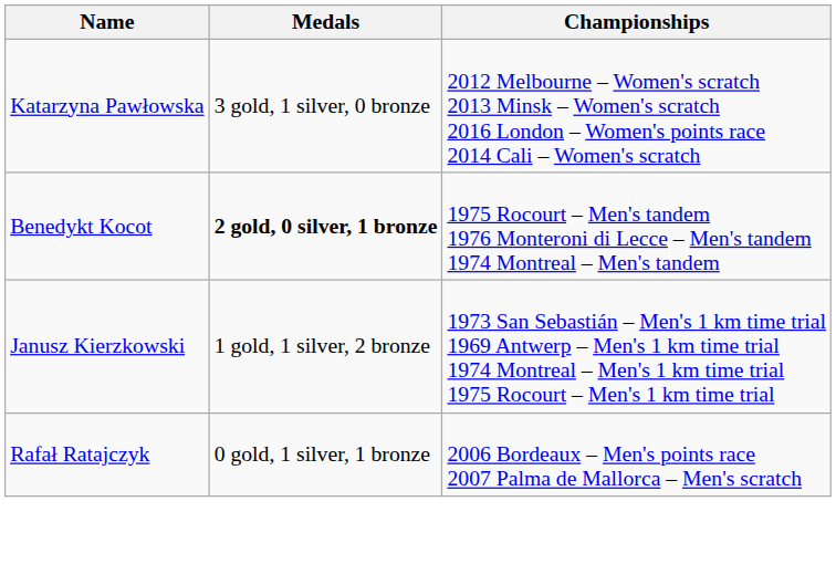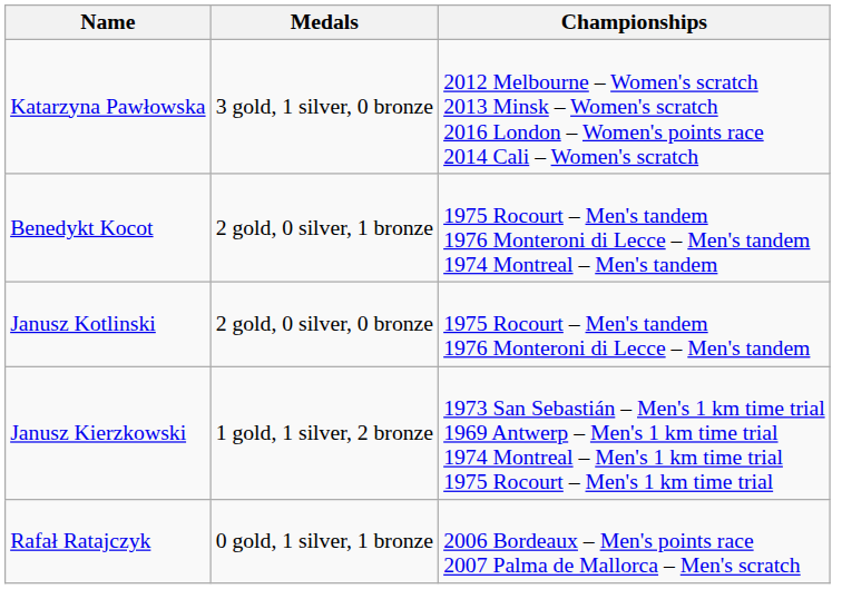 <table class="wikitable">
 <tr>
 <th>Name</th>
 <th>Medals</th>
 <th>Championships</th>
 </tr>
 <tr>
 <td><a href='#'>Katarzyna Pawłowska</a></td>
 <td>3 gold, 1 silver, 0 bronze</td>
 <td><br> <a href='#'>2012 Melbourne</a> – <a href='#'>Women's scratch</a><br>   <a href='#'>2013 Minsk</a> – <a href='#'>Women's scratch</a><br>   <a href='#'>2016 London</a> – <a href='#'>Women's points race</a><br>  <a href='#'>2014 Cali</a> – <a href='#'>Women's scratch</a>  <br></td>
 </tr>
 <tr>
 <td><a href='#'>Benedykt Kocot</a></td>
-<td><strong>2 gold, 0 silver, 1 bronze</strong></td>
+<td>2 gold, 0 silver, 1 bronze</td>
 <td><br> <a href='#'>1975 Rocourt</a> – <a href='#'>Men's tandem</a><br>  <a href='#'>1976 Monteroni di Lecce</a> – <a href='#'>Men's tandem</a><br>  <a href='#'>1974 Montreal</a> – <a href='#'>Men's tandem</a><br></td>
+</tr>
+<tr>
+<td><a href='#'>Janusz Kotlinski</a></td>
+<td>2 gold, 0 silver, 0 bronze</td>
+<td><br> <a href='#'>1975 Rocourt</a> – <a href='#'>Men's tandem</a><br>  <a href='#'>1976 Monteroni di Lecce</a> – <a href='#'>Men's tandem</a><br></td>
 </tr>
 <tr>
 <td><a href='#'>Janusz Kierzkowski</a></td>
 <td>1 gold, 1 silver, 2 bronze</td>
 <td><br> <a href='#'>1973 San Sebastián</a> – <a href='#'>Men's 1 km time trial</a><br>   <a href='#'>1969 Antwerp</a> – <a href='#'>Men's 1 km time trial</a><br>  <a href='#'>1974 Montreal</a> – <a href='#'>Men's 1 km time trial</a><br>  <a href='#'>1975 Rocourt</a> – <a href='#'>Men's 1 km time trial</a><br></td>
 </tr>
 <tr>
 <td><a href='#'>Rafał Ratajczyk</a></td>
 <td>0 gold, 1 silver, 1 bronze</td>
 <td><br> <a href='#'>2006 Bordeaux</a> – <a href='#'>Men's points race</a><br>  <a href='#'>2007 Palma de Mallorca</a> – <a href='#'>Men's scratch</a><br></td>
 </tr>
 </table>
